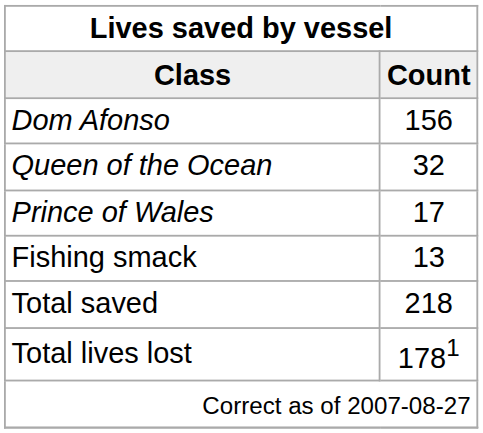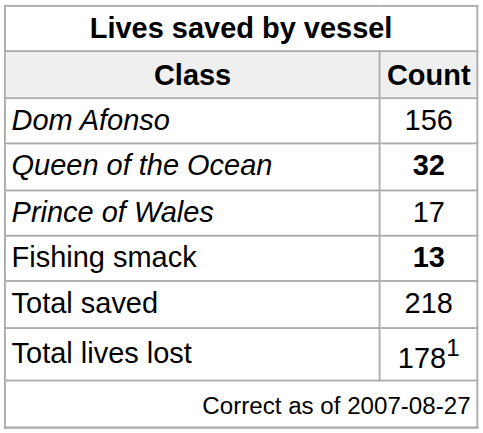 <table class="wikitable" style="float:left; margin-right:15px; text-align: center;">
 <tr>
 <td colspan="10" style="background:#FFFFFF;" cellpadding="0" cellspacing="0"><strong>Lives saved by vessel</strong></td>
 </tr>
 <tr>
 <th style="background:#efefef;" width="200">Class</th>
 <th style="background:#efefef;" width="20">Count</th>
 </tr>
 <tr style="background:#ffffff;" align=center>
 <td align=left><em>Dom Afonso</em></td>
 <td>156</td>
 </tr>
 <tr style="background:#ffffff;" align=center>
 <td align=left><em>Queen of the Ocean</em></td>
-<td>32</td>
+<td><strong>32</strong></td>
 </tr>
 <tr style="background:#ffffff;" align=center>
 <td align=left><em>Prince of Wales</em></td>
 <td>17</td>
 </tr>
 <tr style="background:#ffffff;" align=center>
 <td align=left>Fishing smack</td>
-<td>13</td>
+<td><strong>13</strong></td>
 </tr>
 <tr style="background:#ffffff;" align=center>
 <td align=left>Total saved</td>
 <td>218</td>
 </tr>
 <tr style="background:#ffffff;" align=center>
 <td align=left>Total lives lost</td>
 <td>178<sup>1</sup></td>
 </tr>
 <tr>
 <td colspan="10" align="right" style="background:#FFFFFF;" cellpadding="0" cellspacing="0"><small>Correct as of 2007-08-27</small></td>
 </tr>
 <tr>
 </tr>
 </table>
